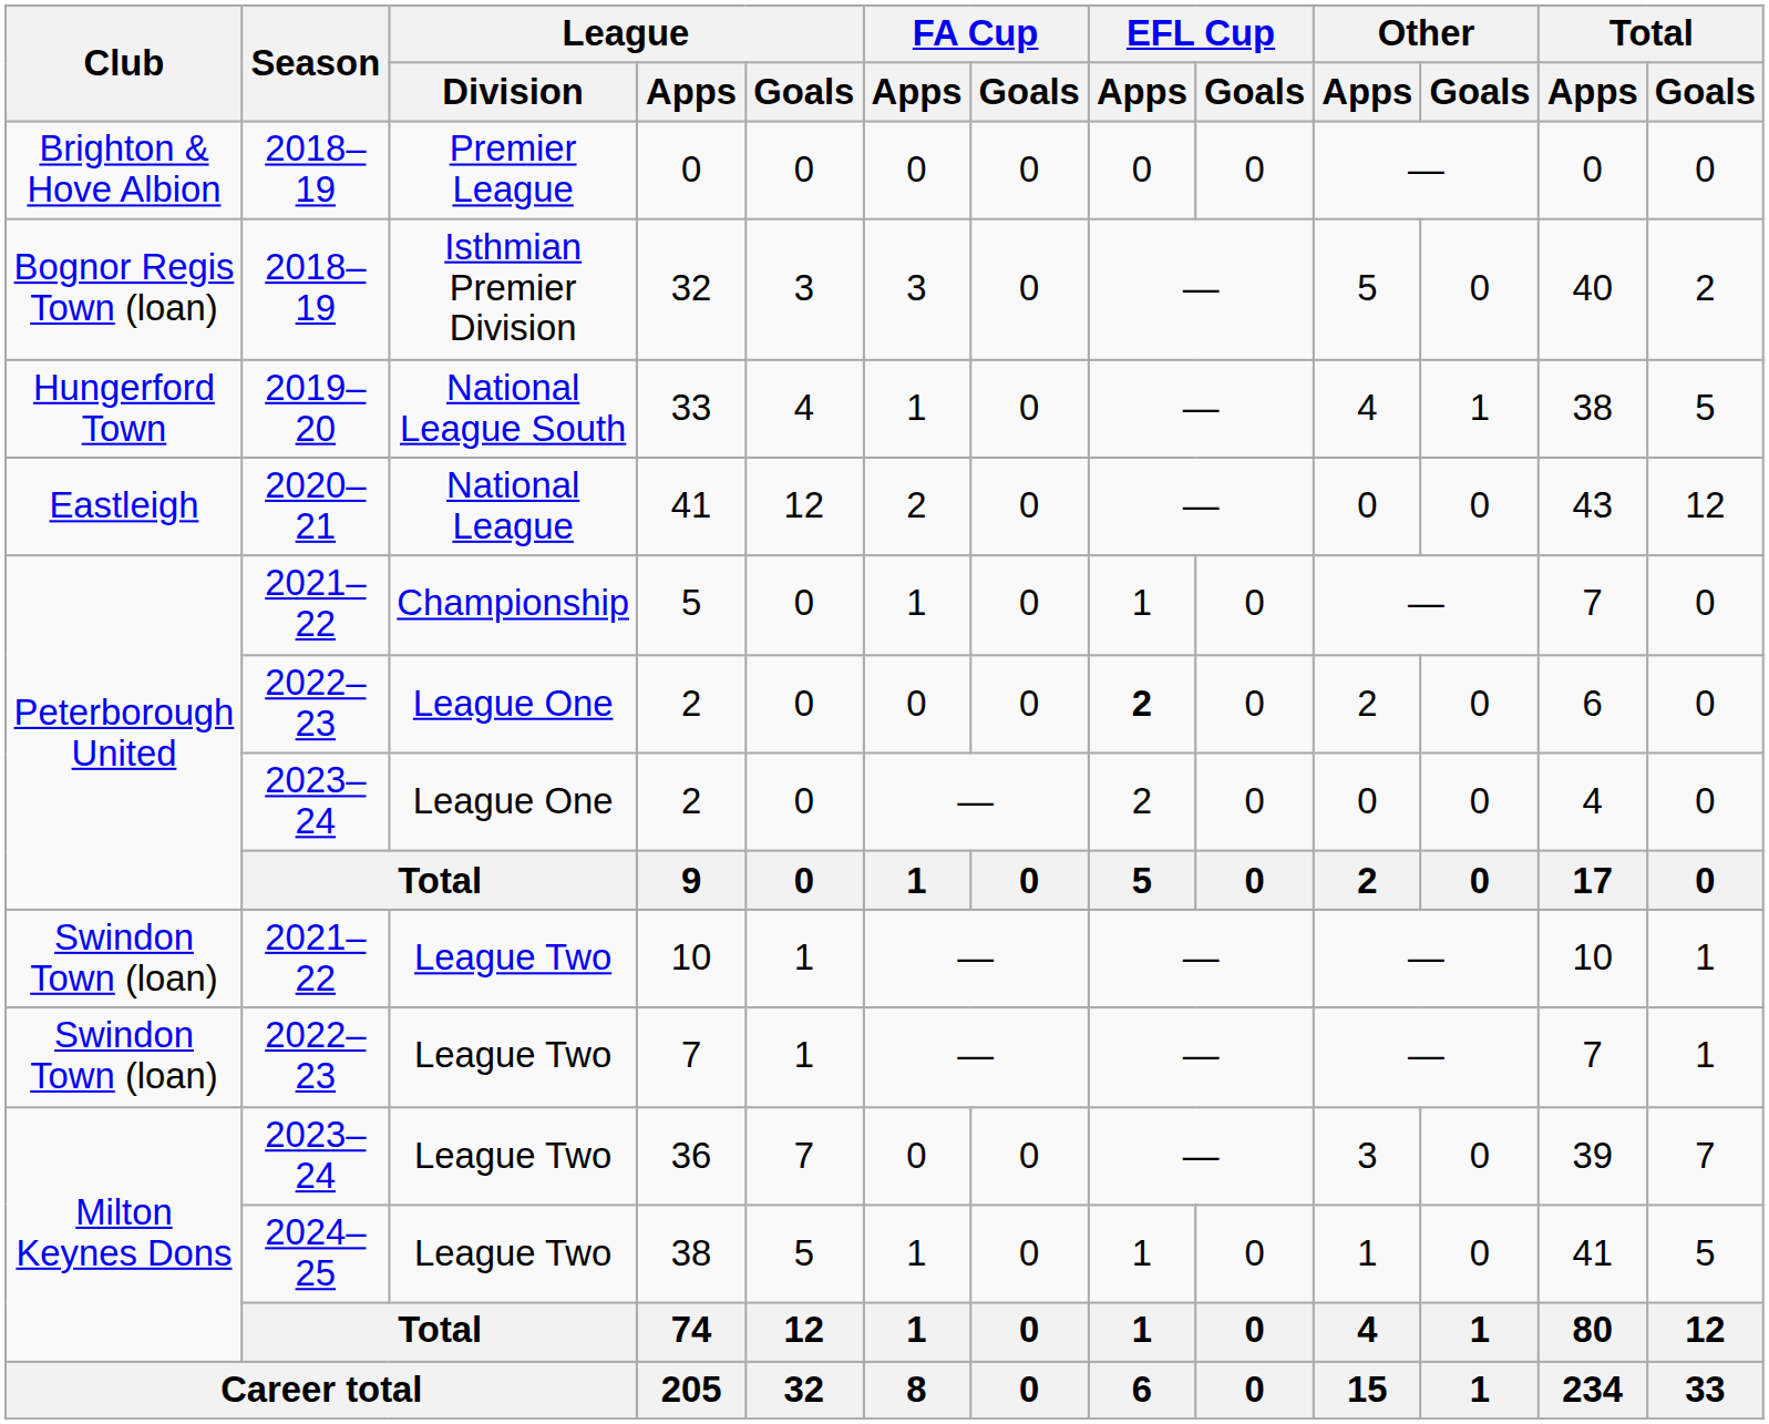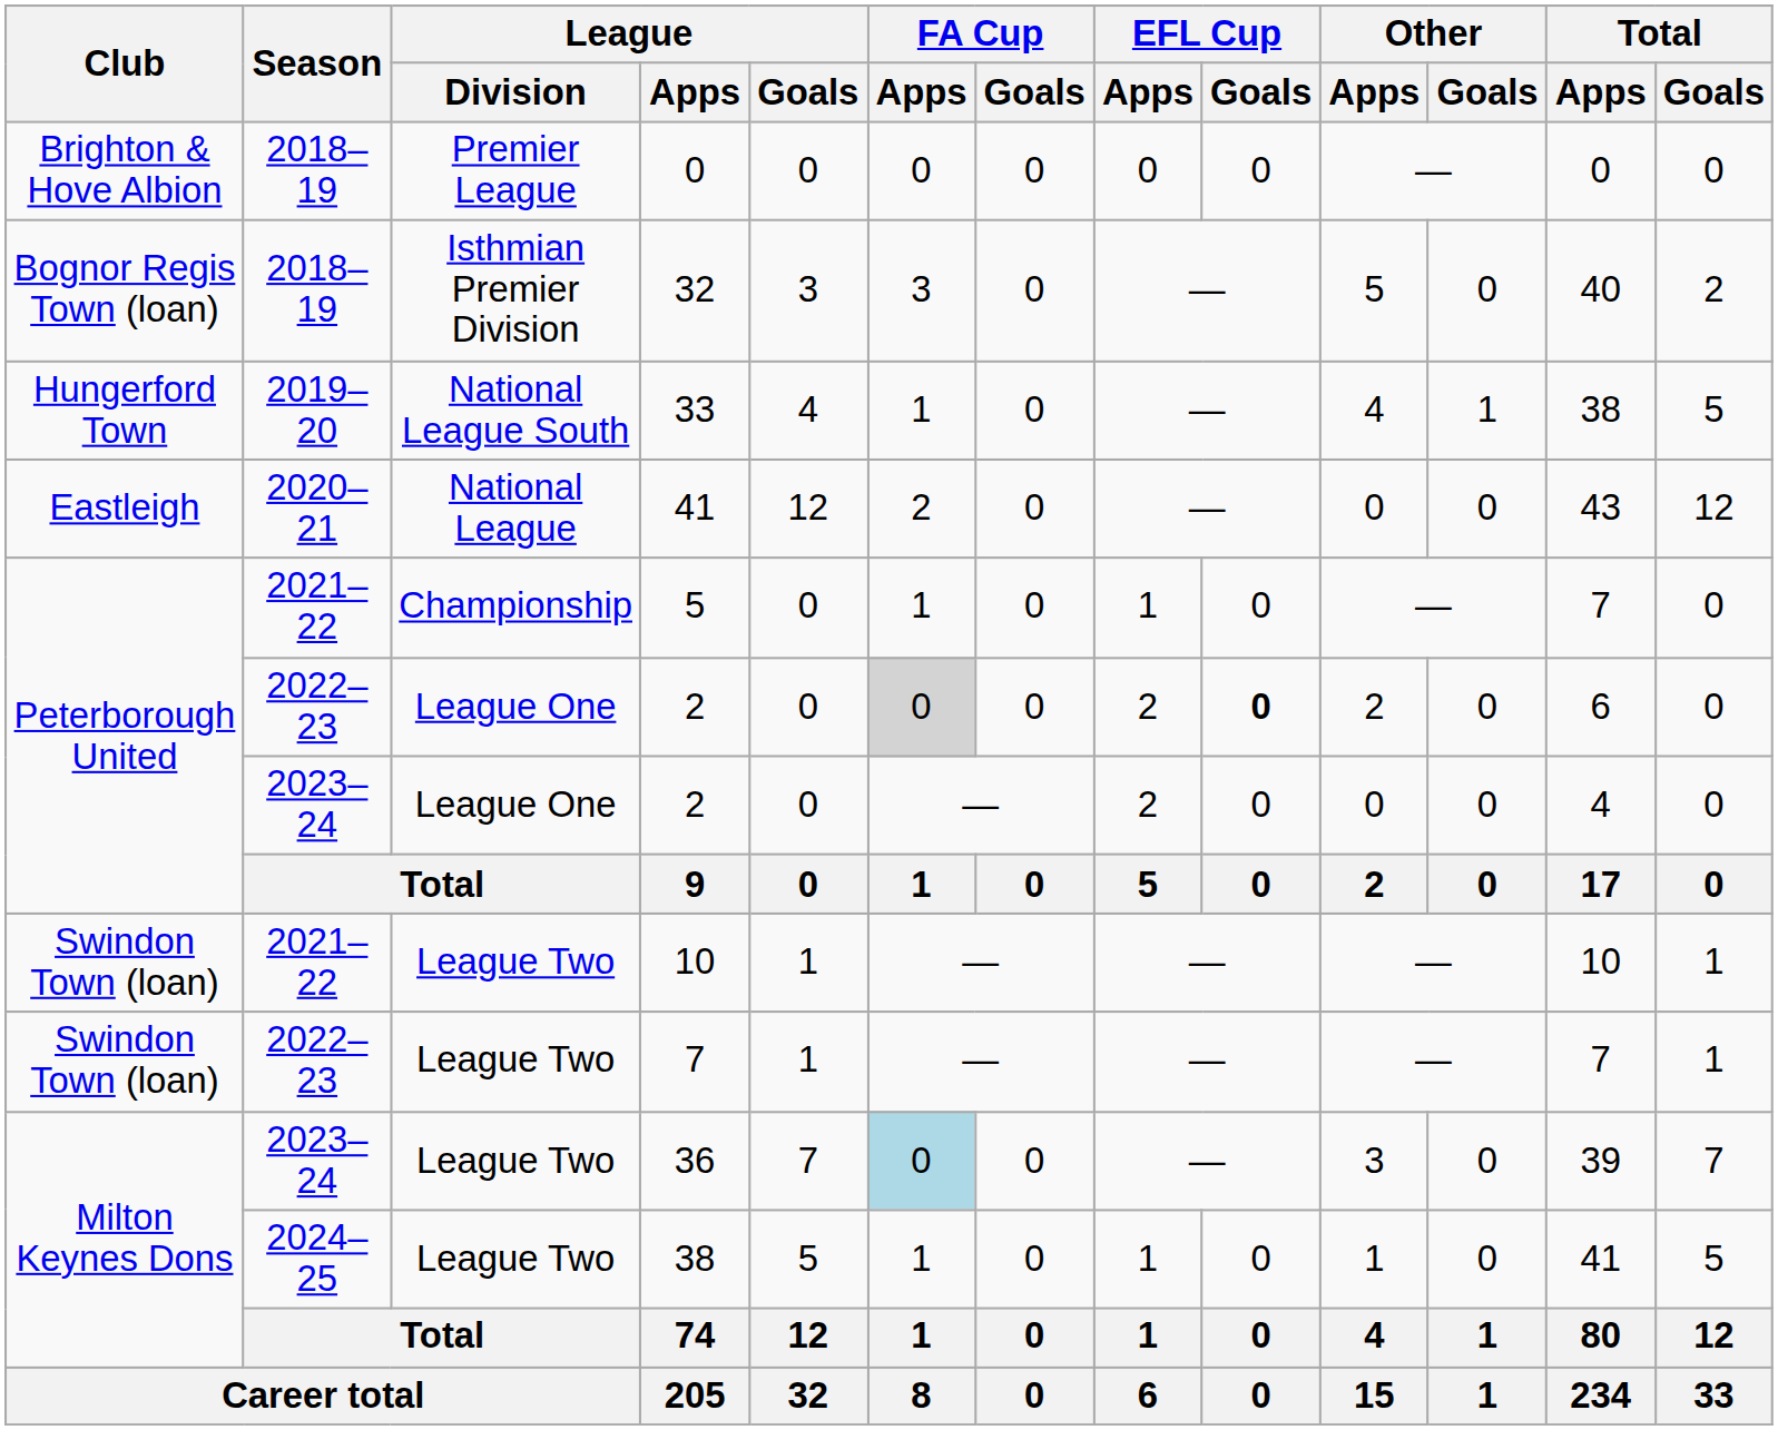 <table class="wikitable" style="text-align:center;">
 <tr>
 <th rowspan="2">Club</th>
 <th rowspan="2">Season</th>
 <th colspan="3">League</th>
 <th colspan="2"><a href='#'>FA Cup</a></th>
 <th colspan="2"><a href='#'>EFL Cup</a></th>
 <th colspan="2">Other</th>
 <th colspan="2">Total</th>
 </tr>
 <tr>
 <th>Division</th>
 <th>Apps</th>
 <th>Goals</th>
 <th>Apps</th>
 <th>Goals</th>
 <th>Apps</th>
 <th>Goals</th>
 <th>Apps</th>
 <th>Goals</th>
 <th>Apps</th>
 <th>Goals</th>
 </tr>
 <tr>
 <td><a href='#'>Brighton & Hove Albion</a></td>
 <td><a href='#'>2018–19</a></td>
 <td><a href='#'>Premier League</a></td>
 <td>0</td>
 <td>0</td>
 <td>0</td>
 <td>0</td>
 <td>0</td>
 <td>0</td>
 <td colspan=2>—</td>
 <td>0</td>
 <td>0</td>
 </tr>
 <tr>
 <td><a href='#'>Bognor Regis Town</a> (loan)</td>
 <td><a href='#'>2018–19</a></td>
 <td><a href='#'>Isthmian</a> Premier Division</td>
 <td>32</td>
 <td>3</td>
 <td>3</td>
 <td>0</td>
 <td colspan="2">—</td>
 <td>5</td>
 <td>0</td>
 <td>40</td>
 <td>2</td>
 </tr>
 <tr>
 <td><a href='#'>Hungerford Town</a></td>
 <td><a href='#'>2019–20</a></td>
 <td><a href='#'>National League South</a></td>
 <td>33</td>
 <td>4</td>
 <td>1</td>
 <td>0</td>
 <td colspan="2">—</td>
 <td>4</td>
 <td>1</td>
 <td>38</td>
 <td>5</td>
 </tr>
 <tr>
 <td><a href='#'>Eastleigh</a></td>
 <td><a href='#'>2020–21</a></td>
 <td><a href='#'>National League</a></td>
 <td>41</td>
 <td>12</td>
 <td>2</td>
 <td>0</td>
 <td colspan="2">—</td>
 <td>0</td>
 <td>0</td>
 <td>43</td>
 <td>12</td>
 </tr>
 <tr>
 <td rowspan="4"><a href='#'>Peterborough United</a></td>
 <td><a href='#'>2021–22</a></td>
 <td><a href='#'>Championship</a></td>
 <td>5</td>
 <td>0</td>
 <td>1</td>
 <td>0</td>
 <td>1</td>
 <td>0</td>
 <td colspan="2">—</td>
 <td>7</td>
 <td>0</td>
 </tr>
 <tr>
 <td><a href='#'>2022–23</a></td>
 <td><a href='#'>League One</a></td>
 <td>2</td>
 <td>0</td>
+<td style="background: lightgrey;">0</td>
 <td>0</td>
-<td>0</td>
-<td><strong>2</strong></td>
-<td>0</td>
+<td>2</td>
+<td><strong>0</strong></td>
 <td>2</td>
 <td>0</td>
 <td>6</td>
 <td>0</td>
 </tr>
 <tr>
 <td><a href='#'>2023–24</a></td>
 <td>League One</td>
 <td>2</td>
 <td>0</td>
 <td colspan="2">—</td>
 <td>2</td>
 <td>0</td>
 <td>0</td>
 <td>0</td>
 <td>4</td>
 <td>0</td>
 </tr>
 <tr>
 <th colspan="2">Total</th>
 <th>9</th>
 <th>0</th>
 <th>1</th>
 <th>0</th>
 <th>5</th>
 <th>0</th>
 <th>2</th>
 <th>0</th>
 <th>17</th>
 <th>0</th>
 </tr>
 <tr>
 <td><a href='#'>Swindon Town</a> (loan)</td>
 <td><a href='#'>2021–22</a></td>
 <td><a href='#'>League Two</a></td>
 <td>10</td>
 <td>1</td>
 <td colspan="2">—</td>
 <td colspan="2">—</td>
 <td colspan="2">—</td>
 <td>10</td>
 <td>1</td>
 </tr>
 <tr>
 <td><a href='#'>Swindon Town</a> (loan)</td>
 <td><a href='#'>2022–23</a></td>
 <td>League Two</td>
 <td>7</td>
 <td>1</td>
 <td colspan="2">—</td>
 <td colspan="2">—</td>
 <td colspan="2">—</td>
 <td>7</td>
 <td>1</td>
 </tr>
 <tr>
 <td rowspan="3"><a href='#'>Milton Keynes Dons</a></td>
 <td><a href='#'>2023–24</a></td>
 <td>League Two</td>
 <td>36</td>
 <td>7</td>
-<td>0</td>
+<td style="background: lightblue;">0</td>
 <td>0</td>
 <td colspan="2">—</td>
 <td>3</td>
 <td>0</td>
 <td>39</td>
 <td>7</td>
 </tr>
 <tr>
 <td><a href='#'>2024–25</a></td>
 <td>League Two</td>
 <td>38</td>
 <td>5</td>
 <td>1</td>
 <td>0</td>
 <td>1</td>
 <td>0</td>
 <td>1</td>
 <td>0</td>
 <td>41</td>
 <td>5</td>
 </tr>
 <tr>
 <th colspan="2">Total</th>
 <th>74</th>
 <th>12</th>
 <th>1</th>
 <th>0</th>
 <th>1</th>
 <th>0</th>
 <th>4</th>
 <th>1</th>
 <th>80</th>
 <th>12</th>
 </tr>
 <tr>
 <th colspan="3">Career total</th>
 <th>205</th>
 <th>32</th>
 <th>8</th>
 <th>0</th>
 <th>6</th>
 <th>0</th>
 <th>15</th>
 <th>1</th>
 <th>234</th>
 <th>33</th>
 </tr>
 </table>
